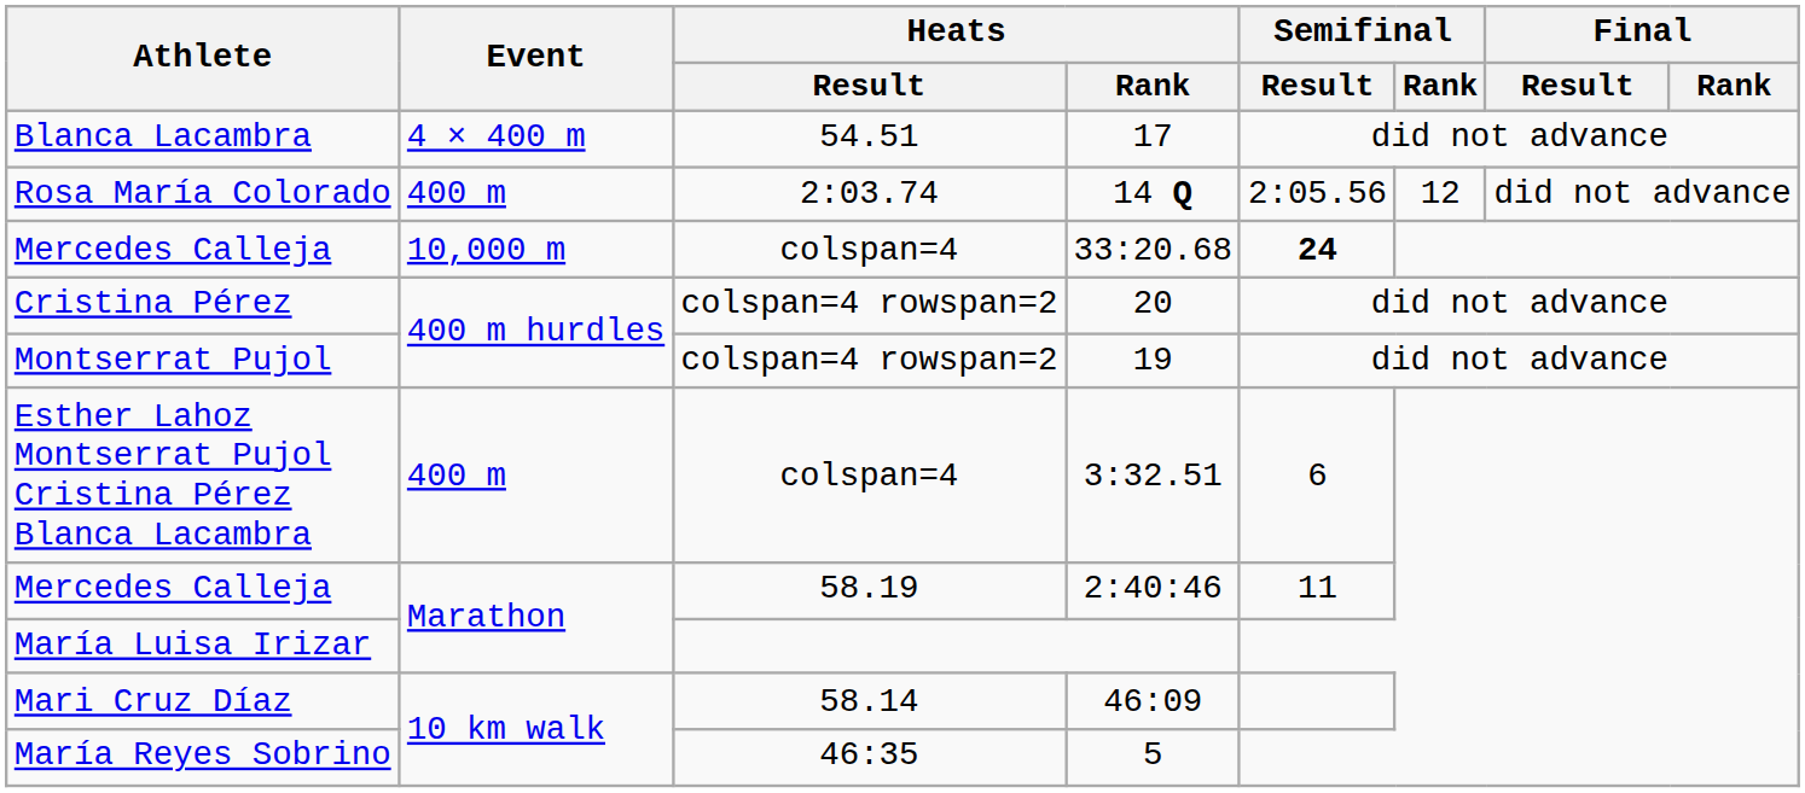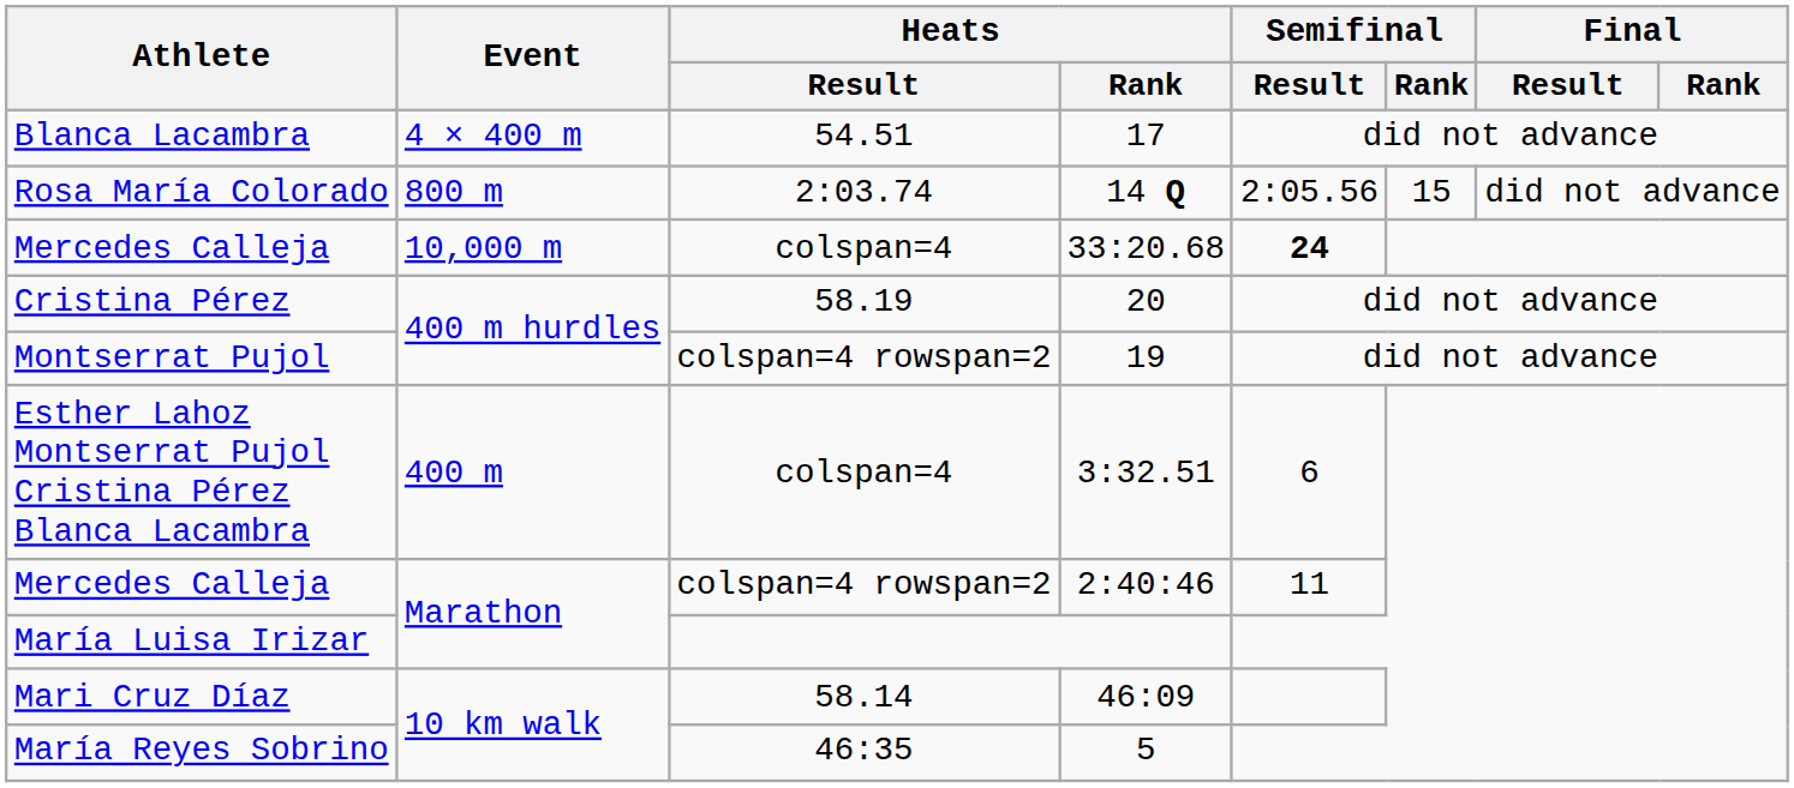 <table class="wikitable" style="font-size:90%">
 <tr>
 <th rowspan="2">Athlete</th>
 <th rowspan="2">Event</th>
 <th colspan="2">Heats</th>
 <th colspan="2">Semifinal</th>
 <th colspan="2">Final</th>
 </tr>
 <tr style="font-size:95%">
 <th>Result</th>
 <th>Rank</th>
 <th>Result</th>
 <th>Rank</th>
 <th>Result</th>
 <th>Rank</th>
 </tr>
 <tr align=center>
 <td align=left><a href='#'>Blanca Lacambra</a></td>
 <td align=left><a href='#'>4 × 400 m</a></td>
 <td>54.51</td>
 <td>17</td>
 <td colspan=4>did not advance</td>
 </tr>
 <tr align=center>
 <td align=left><a href='#'>Rosa María Colorado</a></td>
-<td align=left><a href='#'>400 m</a></td>
+<td align=left><a href='#'>800 m</a></td>
 <td>2:03.74</td>
 <td>14 <strong>Q</strong></td>
 <td>2:05.56</td>
-<td>12</td>
+<td>15</td>
 <td colspan=2>did not advance</td>
 </tr>
 <tr align=center>
 <td align=left><a href='#'>Mercedes Calleja</a></td>
 <td align=left><a href='#'>10,000 m</a></td>
 <td>colspan=4 </td>
 <td>33:20.68</td>
 <td><strong>24</strong></td>
 </tr>
 <tr align=center>
 <td align=left><a href='#'>Cristina Pérez</a></td>
 <td align=left rowspan=2><a href='#'>400 m hurdles</a></td>
-<td>colspan=4 rowspan=2 </td>
+<td>58.19</td>
 <td>20</td>
 <td colspan=4>did not advance</td>
 </tr>
 <tr align=center>
 <td align=left><a href='#'>Montserrat Pujol</a></td>
 <td>colspan=4 rowspan=2 </td>
 <td>19</td>
 <td colspan=4>did not advance</td>
 </tr>
 <tr align=center>
 <td align=left><a href='#'>Esther Lahoz</a><br><a href='#'>Montserrat Pujol</a><br><a href='#'>Cristina Pérez</a><br><a href='#'>Blanca Lacambra</a></td>
 <td align=left><a href='#'>400 m</a></td>
 <td>colspan=4 </td>
 <td>3:32.51</td>
 <td>6</td>
 </tr>
 <tr align=center>
 <td align=left><a href='#'>Mercedes Calleja</a></td>
 <td align=left rowspan=2><a href='#'>Marathon</a></td>
-<td>58.19</td>
+<td>colspan=4 rowspan=2 </td>
 <td>2:40:46</td>
 <td>11</td>
 </tr>
 <tr align=center>
 <td align=left><a href='#'>María Luisa Irizar</a></td>
 <td colspan=2></td>
 </tr>
 <tr align=center>
 <td align=left><a href='#'>Mari Cruz Díaz</a></td>
 <td align=left rowspan=2><a href='#'>10 km walk</a></td>
 <td>58.14</td>
 <td>46:09</td>
 <td></td>
 </tr>
 <tr align=center>
 <td align=left><a href='#'>María Reyes Sobrino</a></td>
 <td>46:35</td>
 <td>5</td>
 </tr>
 </table>
